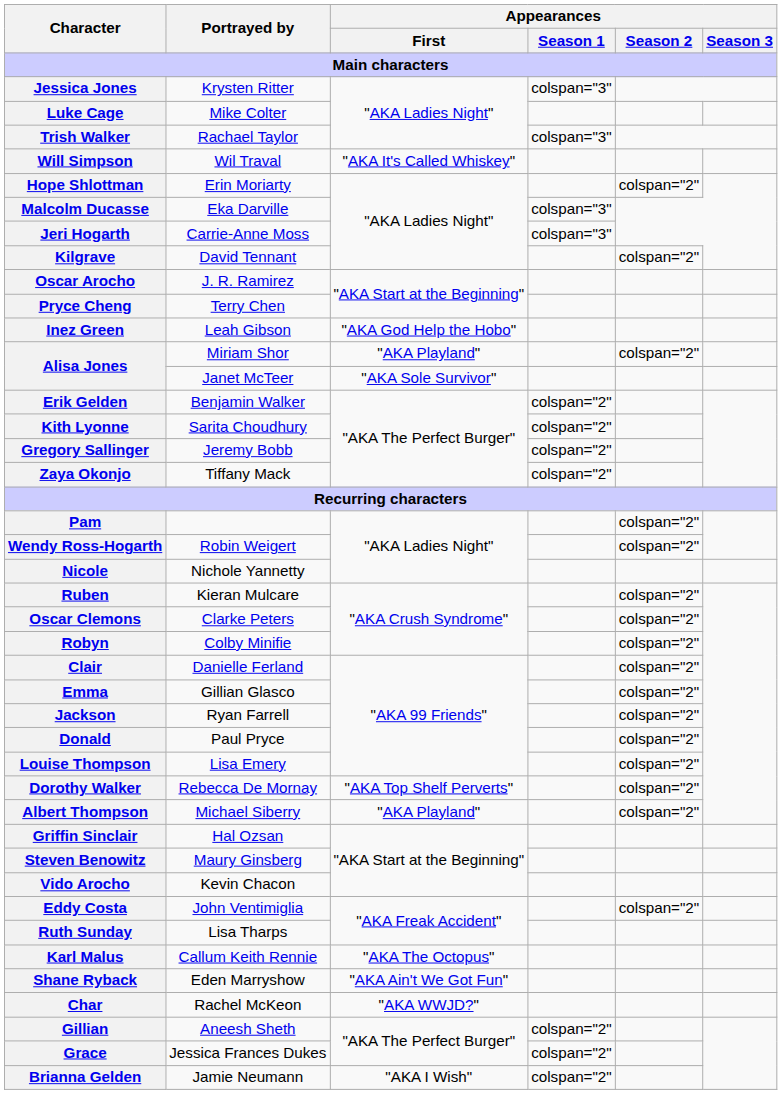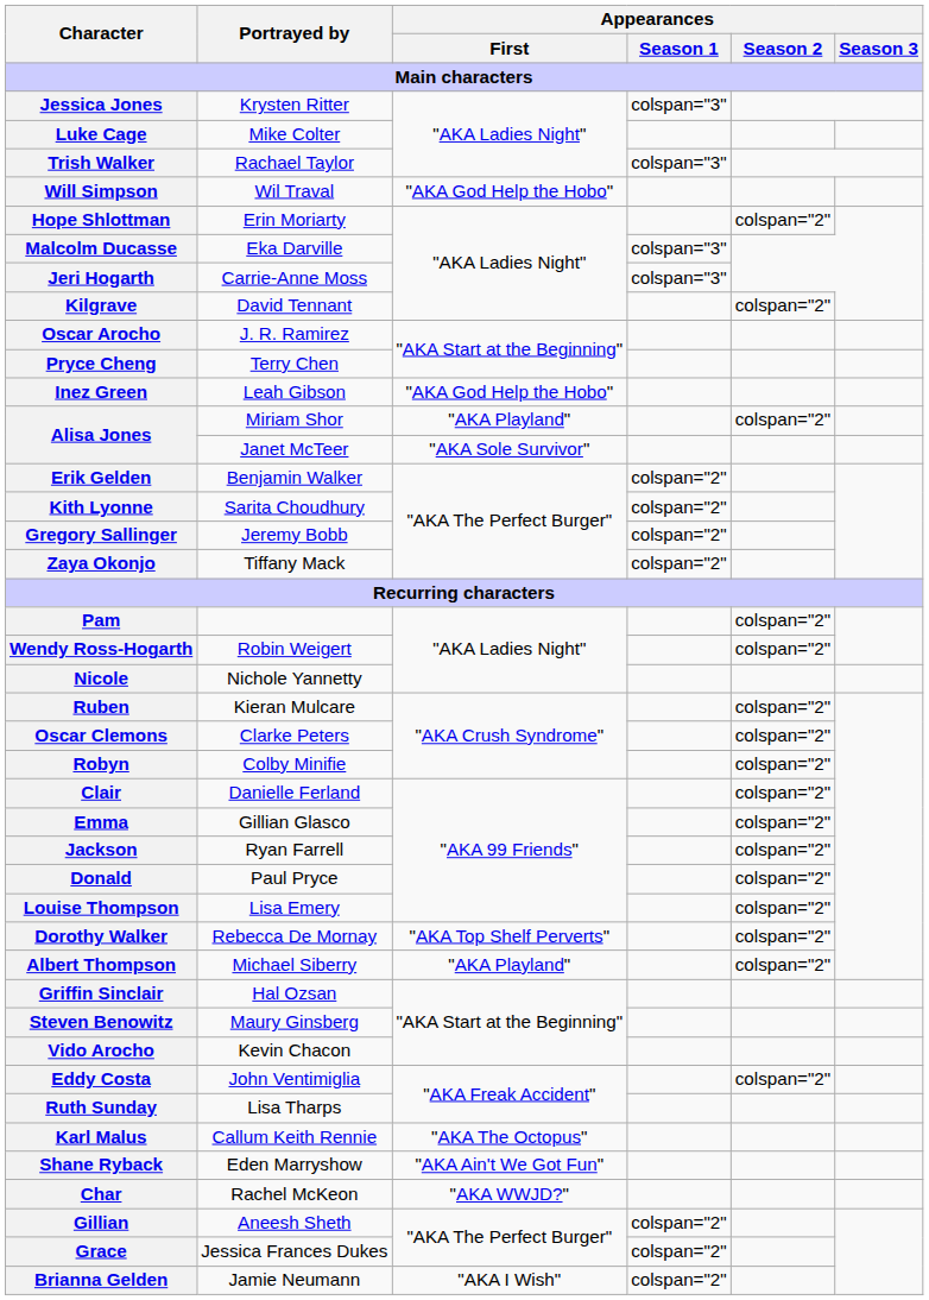 <table class="wikitable" style="text-align: center; width: auto;">
 <tr>
 <th scope="col" rowspan="2">Character</th>
 <th scope="col" rowspan="2">Portrayed by</th>
 <th scope="col" colspan="4">Appearances</th>
 </tr>
 <tr>
 <th scope="col">First</th>
 <th scope="col"><a href='#'>Season 1</a></th>
 <th scope="col"><a href='#'>Season 2</a></th>
 <th scope="col"><a href='#'>Season 3</a></th>
 </tr>
 <tr>
 <th colspan="6" style="background-color: #ccccff;">Main characters</th>
 </tr>
 <tr>
 <th scope="row"><a href='#'>Jessica Jones</a></th>
 <td><a href='#'>Krysten Ritter</a></td>
 <td rowspan="3">"<a href='#'>AKA Ladies Night</a>"</td>
 <td>colspan="3" </td>
 </tr>
 <tr>
 <th scope="row"><a href='#'>Luke Cage</a></th>
 <td><a href='#'>Mike Colter</a></td>
 <td></td>
 <td></td>
 <td></td>
 </tr>
 <tr>
 <th scope="row"><a href='#'>Trish Walker<br></a></th>
 <td><a href='#'>Rachael Taylor</a></td>
 <td>colspan="3" </td>
 </tr>
 <tr>
 <th scope="row"><a href='#'>Will Simpson</a></th>
 <td><a href='#'>Wil Traval</a></td>
-<td>"<a href='#'>AKA It's Called Whiskey</a>"</td>
+<td>"<a href='#'>AKA God Help the Hobo</a>"</td>
 <td></td>
 <td></td>
 <td></td>
 </tr>
 <tr>
 <th scope="row"><a href='#'>Hope Shlottman</a></th>
 <td><a href='#'>Erin Moriarty</a></td>
 <td rowspan="4">"AKA Ladies Night"</td>
 <td></td>
 <td>colspan="2" </td>
 </tr>
 <tr>
 <th scope="row"><a href='#'>Malcolm Ducasse</a></th>
 <td><a href='#'>Eka Darville</a></td>
 <td>colspan="3" </td>
 </tr>
 <tr>
 <th scope="row"><a href='#'>Jeri Hogarth</a></th>
 <td><a href='#'>Carrie-Anne Moss</a></td>
 <td>colspan="3" </td>
 </tr>
 <tr>
 <th scope="row"><a href='#'>Kilgrave<br></a></th>
 <td><a href='#'>David Tennant</a></td>
 <td></td>
 <td>colspan="2" </td>
 </tr>
 <tr>
 <th scope="row"><a href='#'>Oscar Arocho</a></th>
 <td><a href='#'>J. R. Ramirez</a></td>
 <td rowspan="2">"<a href='#'>AKA Start at the Beginning</a>"</td>
 <td></td>
 <td></td>
 <td></td>
 </tr>
 <tr>
 <th scope="row"><a href='#'>Pryce Cheng</a></th>
 <td><a href='#'>Terry Chen</a></td>
 <td></td>
 <td></td>
 <td></td>
 </tr>
 <tr>
 <th scope="row"><a href='#'>Inez Green</a></th>
 <td><a href='#'>Leah Gibson</a></td>
 <td>"<a href='#'>AKA God Help the Hobo</a>"</td>
 <td></td>
 <td></td>
 <td></td>
 </tr>
 <tr>
 <th scope="row" rowspan="2"><a href='#'>Alisa Jones</a></th>
 <td><a href='#'>Miriam Shor</a></td>
 <td>"<a href='#'>AKA Playland</a>"</td>
 <td></td>
 <td>colspan="2" </td>
 </tr>
 <tr>
 <td><a href='#'>Janet McTeer</a></td>
 <td>"<a href='#'>AKA Sole Survivor</a>"</td>
 <td></td>
 <td></td>
 <td></td>
 </tr>
 <tr>
 <th scope="row"><a href='#'>Erik Gelden</a></th>
 <td><a href='#'>Benjamin Walker</a></td>
 <td rowspan="4">"AKA The Perfect Burger"</td>
 <td>colspan="2" </td>
 <td></td>
 </tr>
 <tr>
 <th scope="row"><a href='#'>Kith Lyonne</a></th>
 <td><a href='#'>Sarita Choudhury</a></td>
 <td>colspan="2" </td>
 <td></td>
 </tr>
 <tr>
 <th scope="row"><a href='#'>Gregory Sallinger</a></th>
 <td><a href='#'>Jeremy Bobb</a></td>
 <td>colspan="2" </td>
 <td></td>
 </tr>
 <tr>
 <th scope="row"><a href='#'>Zaya Okonjo</a></th>
 <td>Tiffany Mack</td>
 <td>colspan="2" </td>
 <td></td>
 </tr>
 <tr>
 <th colspan="6" style="background-color: #ccccff;">Recurring characters</th>
 </tr>
 <tr>
 <th scope="row"><a href='#'>Pam</a></th>
 <td></td>
 <td rowspan="3">"AKA Ladies Night"</td>
 <td></td>
 <td>colspan="2" </td>
 </tr>
 <tr>
 <th scope="row"><a href='#'>Wendy Ross-Hogarth</a></th>
 <td><a href='#'>Robin Weigert</a></td>
 <td></td>
 <td>colspan="2" </td>
 </tr>
 <tr>
 <th scope="row"><a href='#'>Nicole</a></th>
 <td>Nichole Yannetty</td>
 <td></td>
 <td></td>
 <td></td>
 </tr>
 <tr>
 <th scope="row"><a href='#'>Ruben</a></th>
 <td>Kieran Mulcare</td>
 <td rowspan="3">"<a href='#'>AKA Crush Syndrome</a>"</td>
 <td></td>
 <td>colspan="2" </td>
 </tr>
 <tr>
 <th scope="row"><a href='#'>Oscar Clemons</a></th>
 <td><a href='#'>Clarke Peters</a></td>
 <td></td>
 <td>colspan="2" </td>
 </tr>
 <tr>
 <th scope="row"><a href='#'>Robyn</a></th>
 <td><a href='#'>Colby Minifie</a></td>
 <td></td>
 <td>colspan="2" </td>
 </tr>
 <tr>
 <th scope="row"><a href='#'>Clair</a></th>
 <td><a href='#'>Danielle Ferland</a></td>
 <td rowspan="5">"<a href='#'>AKA 99 Friends</a>"</td>
 <td></td>
 <td>colspan="2" </td>
 </tr>
 <tr>
 <th scope="row"><a href='#'>Emma</a></th>
 <td>Gillian Glasco</td>
 <td></td>
 <td>colspan="2" </td>
 </tr>
 <tr>
 <th scope="row"><a href='#'>Jackson</a></th>
 <td>Ryan Farrell</td>
 <td></td>
 <td>colspan="2" </td>
 </tr>
 <tr>
 <th scope="row"><a href='#'>Donald</a></th>
 <td>Paul Pryce</td>
 <td></td>
 <td>colspan="2" </td>
 </tr>
 <tr>
 <th scope="row"><a href='#'>Louise Thompson</a></th>
 <td><a href='#'>Lisa Emery</a></td>
 <td></td>
 <td>colspan="2" </td>
 </tr>
 <tr>
 <th scope="row"><a href='#'>Dorothy Walker</a></th>
 <td><a href='#'>Rebecca De Mornay</a></td>
 <td>"<a href='#'>AKA Top Shelf Perverts</a>"</td>
 <td></td>
 <td>colspan="2" </td>
 </tr>
 <tr>
 <th scope="row"><a href='#'>Albert Thompson</a></th>
 <td><a href='#'>Michael Siberry</a></td>
 <td>"<a href='#'>AKA Playland</a>"</td>
 <td></td>
 <td>colspan="2" </td>
 </tr>
 <tr>
 <th scope="row"><a href='#'>Griffin Sinclair</a></th>
 <td><a href='#'>Hal Ozsan</a></td>
 <td rowspan="3">"AKA Start at the Beginning"</td>
 <td></td>
 <td></td>
 <td></td>
 </tr>
 <tr>
 <th scope="row"><a href='#'>Steven Benowitz</a></th>
 <td><a href='#'>Maury Ginsberg</a></td>
 <td></td>
 <td></td>
 <td></td>
 </tr>
 <tr>
 <th scope="row"><a href='#'>Vido Arocho</a></th>
 <td>Kevin Chacon</td>
 <td></td>
 <td></td>
 <td></td>
 </tr>
 <tr>
 <th scope="row"><a href='#'>Eddy Costa</a></th>
 <td><a href='#'>John Ventimiglia</a></td>
 <td rowspan="2">"<a href='#'>AKA Freak Accident</a>"</td>
 <td></td>
 <td>colspan="2" </td>
 </tr>
 <tr>
 <th scope="row"><a href='#'>Ruth Sunday</a></th>
 <td>Lisa Tharps</td>
 <td></td>
 <td></td>
 <td></td>
 </tr>
 <tr>
 <th scope="row"><a href='#'>Karl Malus</a></th>
 <td><a href='#'>Callum Keith Rennie</a></td>
 <td>"<a href='#'>AKA The Octopus</a>"</td>
 <td></td>
 <td></td>
 <td></td>
 </tr>
 <tr>
 <th scope="row"><a href='#'>Shane Ryback</a></th>
 <td>Eden Marryshow</td>
 <td>"<a href='#'>AKA Ain't We Got Fun</a>"</td>
 <td></td>
 <td></td>
 <td></td>
 </tr>
 <tr>
 <th scope="row"><a href='#'>Char</a></th>
 <td>Rachel McKeon</td>
 <td>"<a href='#'>AKA WWJD?</a>"</td>
 <td></td>
 <td></td>
 <td></td>
 </tr>
 <tr>
 <th scope="row"><a href='#'>Gillian</a></th>
 <td><a href='#'>Aneesh Sheth</a></td>
 <td rowspan="2">"AKA The Perfect Burger"</td>
 <td>colspan="2" </td>
 <td></td>
 </tr>
 <tr>
 <th scope="row"><a href='#'>Grace</a></th>
 <td>Jessica Frances Dukes</td>
 <td>colspan="2" </td>
 <td></td>
 </tr>
 <tr>
 <th scope="row"><a href='#'>Brianna Gelden</a></th>
 <td>Jamie Neumann</td>
 <td>"AKA I Wish"</td>
 <td>colspan="2" </td>
 <td></td>
 </tr>
 </table>
